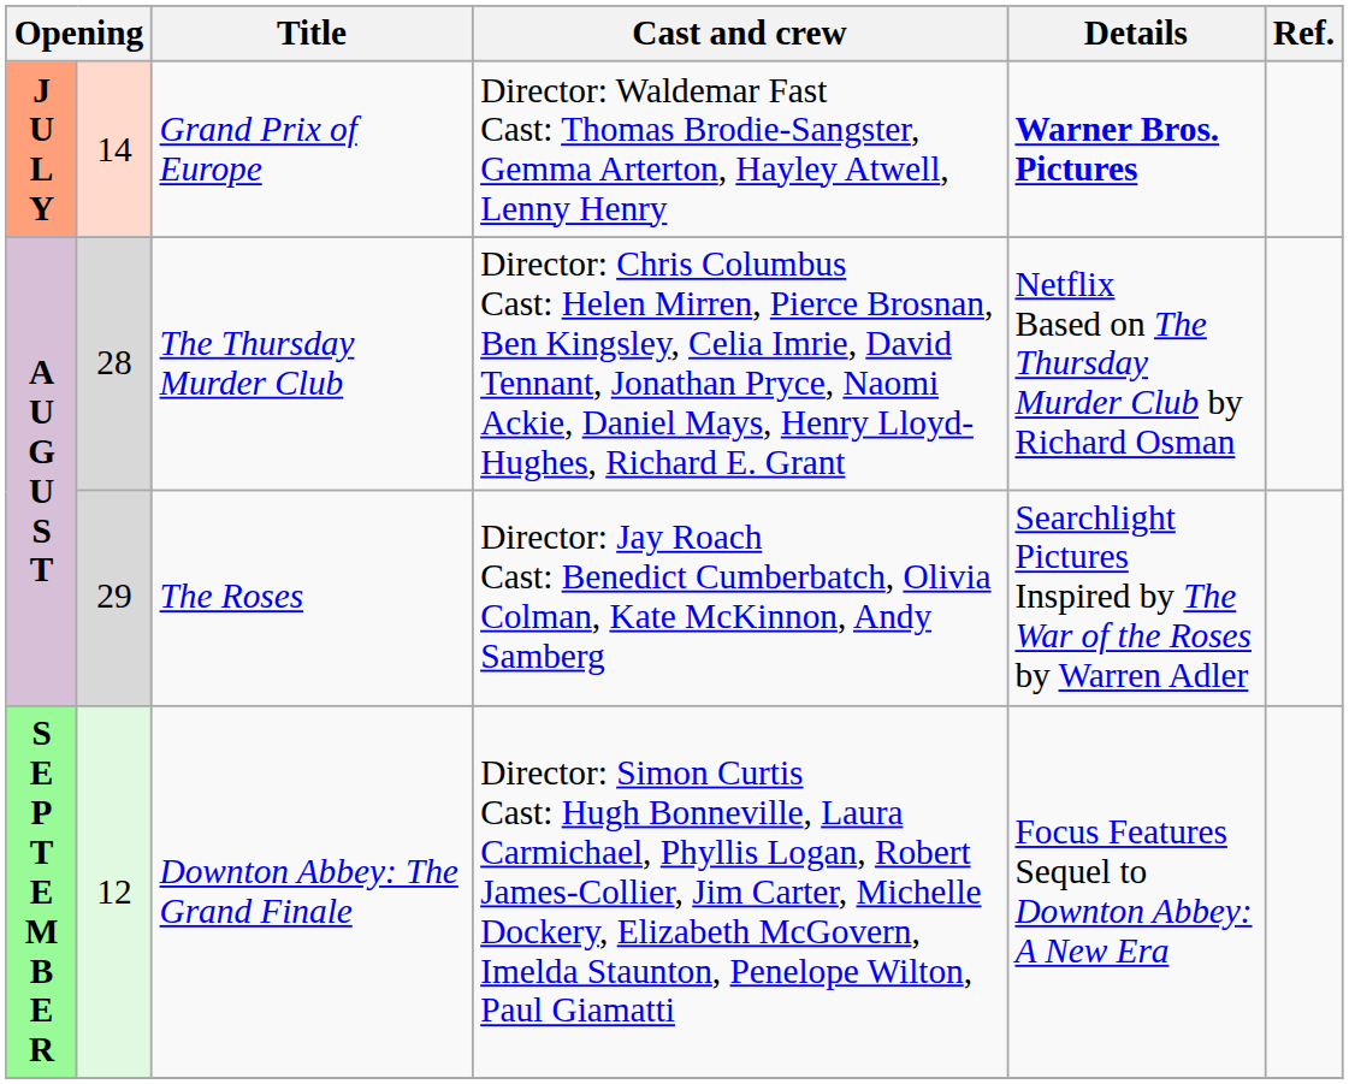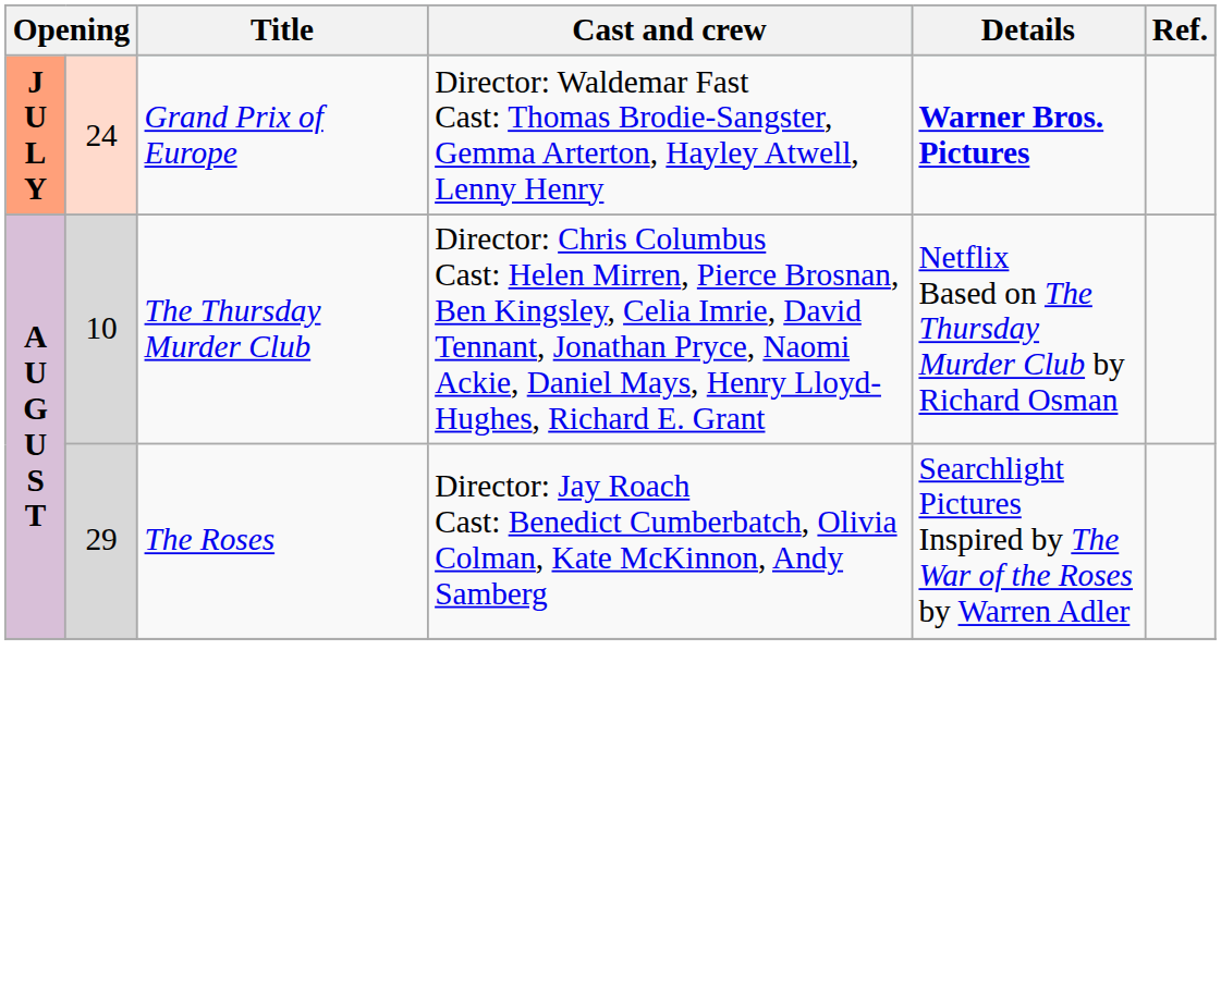 <table class="wikitable">
 <tr style="background:#b0e0e6; text-align:center;">
 <th colspan="2">Opening</th>
 <th style="width:24%;">Title</th>
 <th style="width:40%;">Cast and crew</th>
 <th>Details</th>
 <th style="width:2%;">Ref.</th>
 </tr>
 <tr>
 <th rowspan="1" style="text-align:center; background:#ffa07a; textcolor:#000;">J<br>U<br>L<br>Y</th>
-<td rowspan="1" style="text-align:center; background:#ffdacc;">14</td>
+<td rowspan="1" style="text-align:center; background:#ffdacc;">24</td>
 <td><em><a href='#'>Grand Prix of Europe</a></em></td>
 <td>Director: Waldemar Fast <br> Cast: <a href='#'>Thomas Brodie-Sangster</a>, <a href='#'>Gemma Arterton</a>, <a href='#'>Hayley Atwell</a>, <a href='#'>Lenny Henry</a></td>
 <td><strong><a href='#'>Warner Bros. Pictures</a></strong></td>
 <td></td>
 </tr>
 <tr>
 <th rowspan="2" style="text-align:center; background:thistle; textcolor:#000;">A<br>U<br>G<br>U<br>S<br>T</th>
-<td rowspan="1" style="text-align:center; background:#d8d8d8;">28</td>
+<td rowspan="1" style="text-align:center; background:#d8d8d8;">10</td>
 <td><em><a href='#'>The Thursday Murder Club</a></em></td>
 <td>Director: <a href='#'>Chris Columbus</a> <br> Cast: <a href='#'>Helen Mirren</a>, <a href='#'>Pierce Brosnan</a>, <a href='#'>Ben Kingsley</a>, <a href='#'>Celia Imrie</a>, <a href='#'>David Tennant</a>, <a href='#'>Jonathan Pryce</a>, <a href='#'>Naomi Ackie</a>, <a href='#'>Daniel Mays</a>, <a href='#'>Henry Lloyd-Hughes</a>, <a href='#'>Richard E. Grant</a></td>
 <td><a href='#'>Netflix</a> <br> Based on <em><a href='#'>The Thursday Murder Club</a></em> by <a href='#'>Richard Osman</a></td>
 <td style="text-align:center"></td>
 </tr>
 <tr>
 <td rowspan="1" style="text-align:center; background:#d8d8d8;">29</td>
 <td><em><a href='#'>The Roses</a></em></td>
 <td>Director: <a href='#'>Jay Roach</a> <br> Cast: <a href='#'>Benedict Cumberbatch</a>, <a href='#'>Olivia Colman</a>, <a href='#'>Kate McKinnon</a>, <a href='#'>Andy Samberg</a></td>
 <td><a href='#'>Searchlight Pictures</a> <br> Inspired by <em><a href='#'>The War of the Roses</a></em> by <a href='#'>Warren Adler</a></td>
 <td></td>
 </tr>
 <tr>
-<th rowspan="1" style="text-align:center; background:#98fb98; textcolor:#000;">S<br>E<br>P<br>T<br>E<br>M<br>B<br>E<br>R</th>
-<td rowspan="1" style="text-align:center; background:#e0f9e0;">12</td>
-<td><em><a href='#'>Downton Abbey: The Grand Finale</a></em></td>
-<td>Director: <a href='#'>Simon Curtis</a> <br> Cast: <a href='#'>Hugh Bonneville</a>, <a href='#'>Laura Carmichael</a>, <a href='#'>Phyllis Logan</a>, <a href='#'>Robert James-Collier</a>, <a href='#'>Jim Carter</a>, <a href='#'>Michelle Dockery</a>, <a href='#'>Elizabeth McGovern</a>, <a href='#'>Imelda Staunton</a>, <a href='#'>Penelope Wilton</a>, <a href='#'>Paul Giamatti</a></td>
-<td><a href='#'>Focus Features</a> <br> Sequel to <em><a href='#'>Downton Abbey: A New Era</a></em></td>
-<td style="text-align:center"></td>
-</tr>
-<tr>
 </tr>
 </table>
